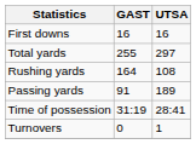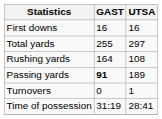 <table class="wikitable">
 <tr>
 <th>Statistics</th>
 <th>GAST</th>
 <th>UTSA</th>
 </tr>
 <tr>
 <td>First downs</td>
 <td>16</td>
 <td>16</td>
 </tr>
 <tr>
 <td>Total yards</td>
 <td>255</td>
 <td>297</td>
 </tr>
 <tr>
 <td>Rushing yards</td>
 <td>164</td>
 <td>108</td>
 </tr>
 <tr>
 <td>Passing yards</td>
-<td>91</td>
+<td><strong>91</strong></td>
 <td>189</td>
+</tr>
+<tr>
+<td>Turnovers</td>
+<td>0</td>
+<td>1</td>
 </tr>
 <tr>
 <td>Time of possession</td>
 <td>31:19</td>
 <td>28:41</td>
 </tr>
 <tr>
-<td>Turnovers</td>
-<td>0</td>
-<td>1</td>
-</tr>
-<tr>
 </tr>
 </table>
